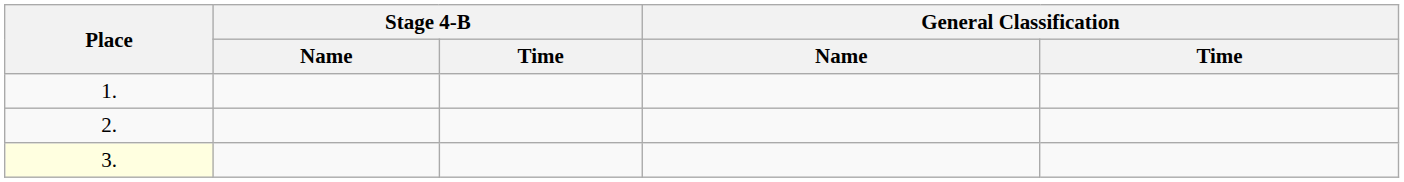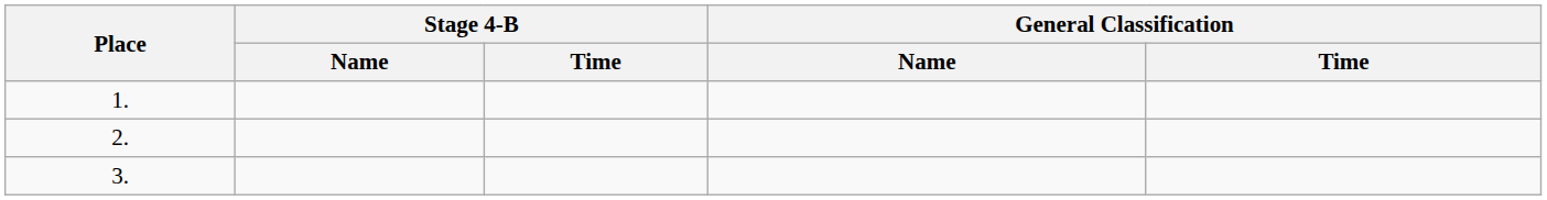 <table class="wikitable"  style="font-size:95%; width:80%;">
 <tr>
 <th rowspan="2">Place</th>
 <th colspan="2">Stage 4-B</th>
 <th colspan="2">General Classification</th>
 </tr>
 <tr>
 <th>Name</th>
 <th>Time</th>
 <th>Name</th>
 <th>Time</th>
 </tr>
 <tr>
 <td style="text-align:center;">1.</td>
 <td></td>
 <td></td>
 <td></td>
 <td></td>
 </tr>
 <tr>
 <td style="text-align:center;">2.</td>
 <td></td>
 <td></td>
 <td></td>
 <td></td>
 </tr>
 <tr>
-<td style="background: lightyellow; text-align:center;">3.</td>
+<td style="text-align:center;">3.</td>
 <td></td>
 <td></td>
 <td></td>
 <td></td>
 </tr>
 </table>
